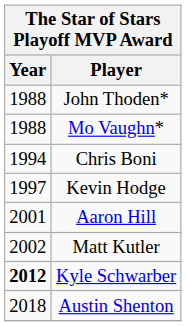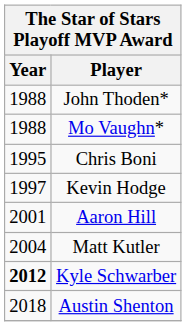 <table class="wikitable" style="display: inline-table; margin-right: 20px; text-align:center">
 <tr>
 <th scope="col" colspan="2" style="width: 145px;">The Star of Stars Playoff MVP Award</th>
 </tr>
 <tr>
 <th scope="col">Year</th>
 <th scope="col">Player</th>
 </tr>
 <tr>
 <td>1988</td>
 <td>John Thoden*</td>
 </tr>
 <tr>
 <td>1988</td>
 <td><a href='#'>Mo Vaughn</a>*</td>
 </tr>
 <tr>
-<td>1994</td>
+<td>1995</td>
 <td>Chris Boni</td>
 </tr>
 <tr>
 <td>1997</td>
 <td>Kevin Hodge</td>
 </tr>
 <tr>
 <td>2001</td>
 <td><a href='#'>Aaron Hill</a></td>
 </tr>
 <tr>
-<td>2002</td>
+<td>2004</td>
 <td>Matt Kutler</td>
 </tr>
 <tr>
 <td><strong>2012</strong></td>
 <td><a href='#'>Kyle Schwarber</a></td>
 </tr>
 <tr>
 <td>2018</td>
 <td><a href='#'>Austin Shenton</a></td>
 </tr>
 <tr>
 </tr>
 </table>
